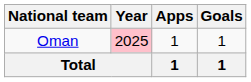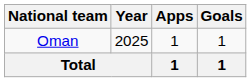 <table class="wikitable" style="text-align:center">
 <tr>
 <th>National team</th>
 <th>Year</th>
 <th>Apps</th>
 <th>Goals</th>
 </tr>
 <tr>
 <td rowspan="1"><a href='#'>Oman</a></td>
-<td style="background: pink;">2025</td>
+<td>2025</td>
 <td>1</td>
 <td>1</td>
 </tr>
 <tr>
 <th colspan="2">Total</th>
 <th>1</th>
 <th>1</th>
 </tr>
 </table>
